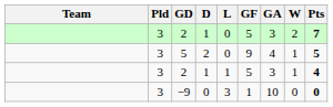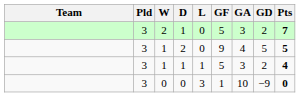 <table class="wikitable" style="text-align:center;">
 <tr>
 <th width=180>Team</th>
 <th width=20>Pld</th>
-<th width=20>GD</th>
+<th width=20>W</th>
 <th width=20>D</th>
 <th width=20>L</th>
 <th width=20>GF</th>
 <th width=20>GA</th>
-<th width=20>W</th>
+<th width=20>GD</th>
 <th width=20>Pts</th>
 </tr>
 <tr bgcolor=#ccffcc>
 <td align="left"><em></em></td>
 <td>3</td>
 <td>2</td>
 <td>1</td>
 <td>0</td>
 <td>5</td>
 <td>3</td>
 <td>2</td>
 <td><strong>7</strong></td>
 </tr>
 <tr>
 <td align="left"></td>
 <td>3</td>
-<td>5</td>
+<td>1</td>
 <td>2</td>
 <td>0</td>
 <td>9</td>
 <td>4</td>
-<td>1</td>
+<td>5</td>
 <td><strong>5</strong></td>
 </tr>
 <tr>
 <td align="left"></td>
 <td>3</td>
-<td>2</td>
+<td>1</td>
 <td>1</td>
 <td>1</td>
 <td>5</td>
 <td>3</td>
-<td>1</td>
+<td>2</td>
 <td><strong>4</strong></td>
 </tr>
 <tr>
 <td align="left"></td>
 <td>3</td>
-<td>−9</td>
+<td>0</td>
 <td>0</td>
 <td>3</td>
 <td>1</td>
 <td>10</td>
-<td>0</td>
+<td>−9</td>
 <td><strong>0</strong></td>
 </tr>
 </table>
